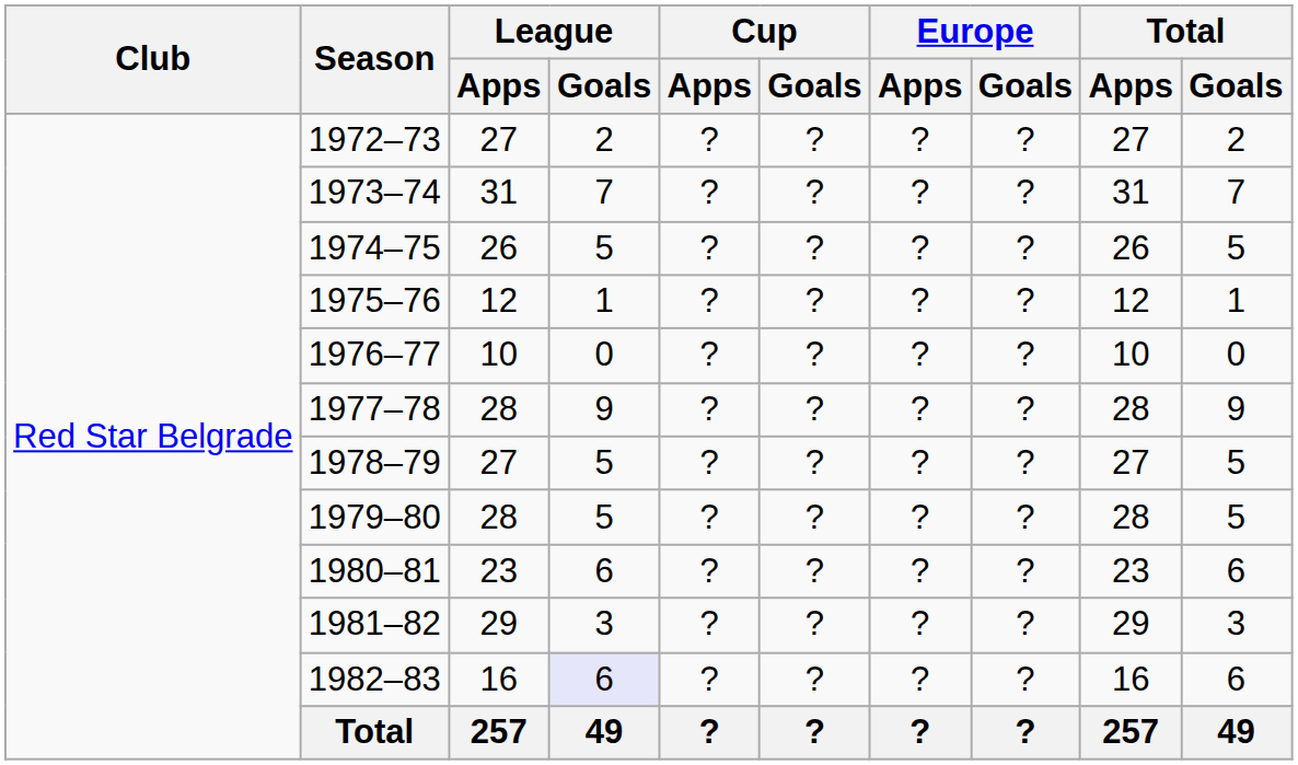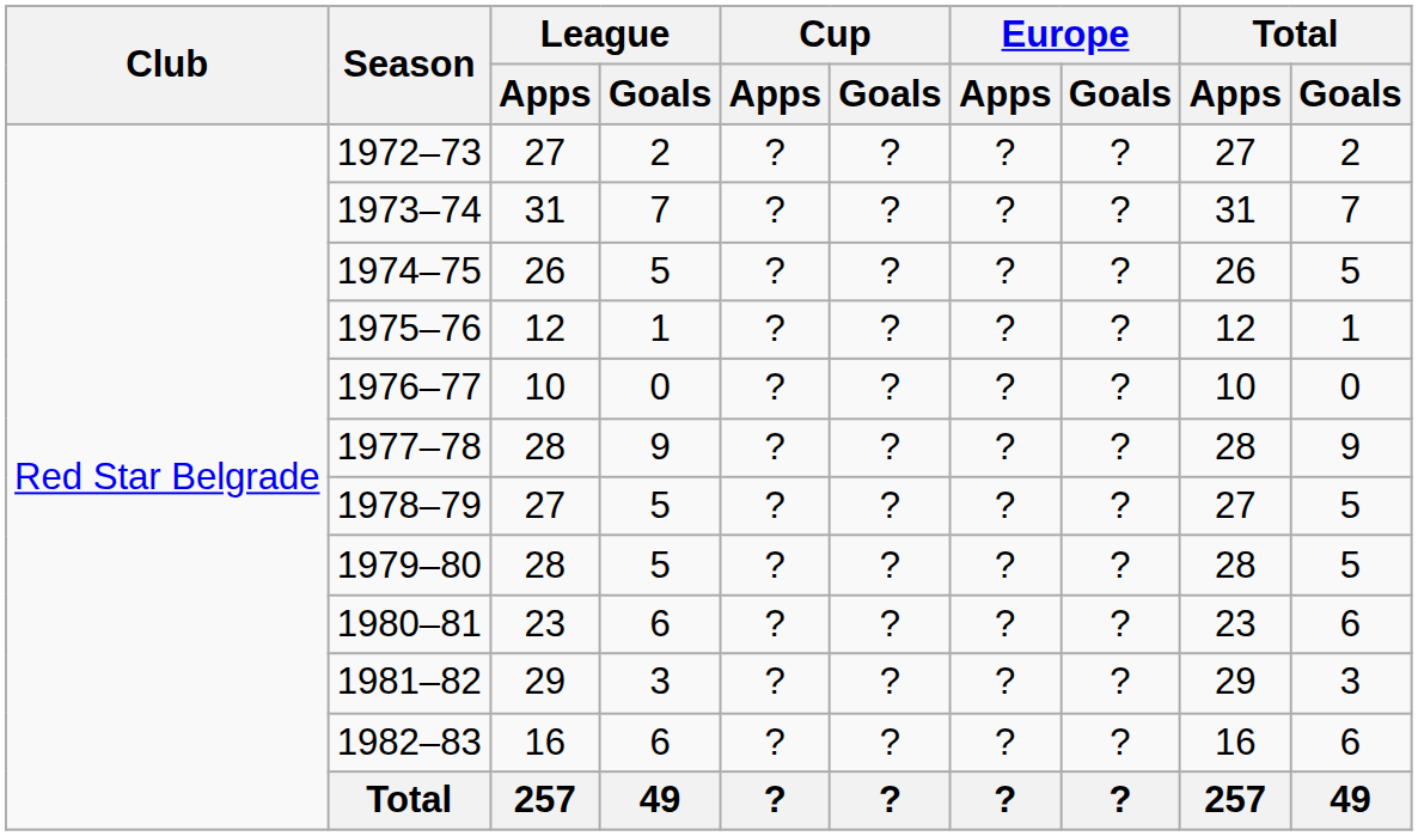 <table class="wikitable" style="text-align:center">
 <tr>
 <th rowspan="2">Club</th>
 <th rowspan="2">Season</th>
 <th colspan="2">League</th>
 <th colspan="2">Cup</th>
 <th colspan="2"><a href='#'>Europe</a></th>
 <th colspan="2">Total</th>
 </tr>
 <tr>
 <th>Apps</th>
 <th>Goals</th>
 <th>Apps</th>
 <th>Goals</th>
 <th>Apps</th>
 <th>Goals</th>
 <th>Apps</th>
 <th>Goals</th>
 </tr>
 <tr>
 <td rowspan="12"><a href='#'>Red Star Belgrade</a></td>
 <td>1972–73</td>
 <td>27</td>
 <td>2</td>
 <td>?</td>
 <td>?</td>
 <td>?</td>
 <td>?</td>
 <td>27</td>
 <td>2</td>
 </tr>
 <tr>
 <td>1973–74</td>
 <td>31</td>
 <td>7</td>
 <td>?</td>
 <td>?</td>
 <td>?</td>
 <td>?</td>
 <td>31</td>
 <td>7</td>
 </tr>
 <tr>
 <td>1974–75</td>
 <td>26</td>
 <td>5</td>
 <td>?</td>
 <td>?</td>
 <td>?</td>
 <td>?</td>
 <td>26</td>
 <td>5</td>
 </tr>
 <tr>
 <td>1975–76</td>
 <td>12</td>
 <td>1</td>
 <td>?</td>
 <td>?</td>
 <td>?</td>
 <td>?</td>
 <td>12</td>
 <td>1</td>
 </tr>
 <tr>
 <td>1976–77</td>
 <td>10</td>
 <td>0</td>
 <td>?</td>
 <td>?</td>
 <td>?</td>
 <td>?</td>
 <td>10</td>
 <td>0</td>
 </tr>
 <tr>
 <td>1977–78</td>
 <td>28</td>
 <td>9</td>
 <td>?</td>
 <td>?</td>
 <td>?</td>
 <td>?</td>
 <td>28</td>
 <td>9</td>
 </tr>
 <tr>
 <td>1978–79</td>
 <td>27</td>
 <td>5</td>
 <td>?</td>
 <td>?</td>
 <td>?</td>
 <td>?</td>
 <td>27</td>
 <td>5</td>
 </tr>
 <tr>
 <td>1979–80</td>
 <td>28</td>
 <td>5</td>
 <td>?</td>
 <td>?</td>
 <td>?</td>
 <td>?</td>
 <td>28</td>
 <td>5</td>
 </tr>
 <tr>
 <td>1980–81</td>
 <td>23</td>
 <td>6</td>
 <td>?</td>
 <td>?</td>
 <td>?</td>
 <td>?</td>
 <td>23</td>
 <td>6</td>
 </tr>
 <tr>
 <td>1981–82</td>
 <td>29</td>
 <td>3</td>
 <td>?</td>
 <td>?</td>
 <td>?</td>
 <td>?</td>
 <td>29</td>
 <td>3</td>
 </tr>
 <tr>
 <td>1982–83</td>
 <td>16</td>
-<td style="background: lavender;">6</td>
+<td>6</td>
 <td>?</td>
 <td>?</td>
 <td>?</td>
 <td>?</td>
 <td>16</td>
 <td>6</td>
 </tr>
 <tr>
 <th>Total</th>
 <th>257</th>
 <th>49</th>
 <th>?</th>
 <th>?</th>
 <th>?</th>
 <th>?</th>
 <th>257</th>
 <th>49</th>
 </tr>
 </table>
